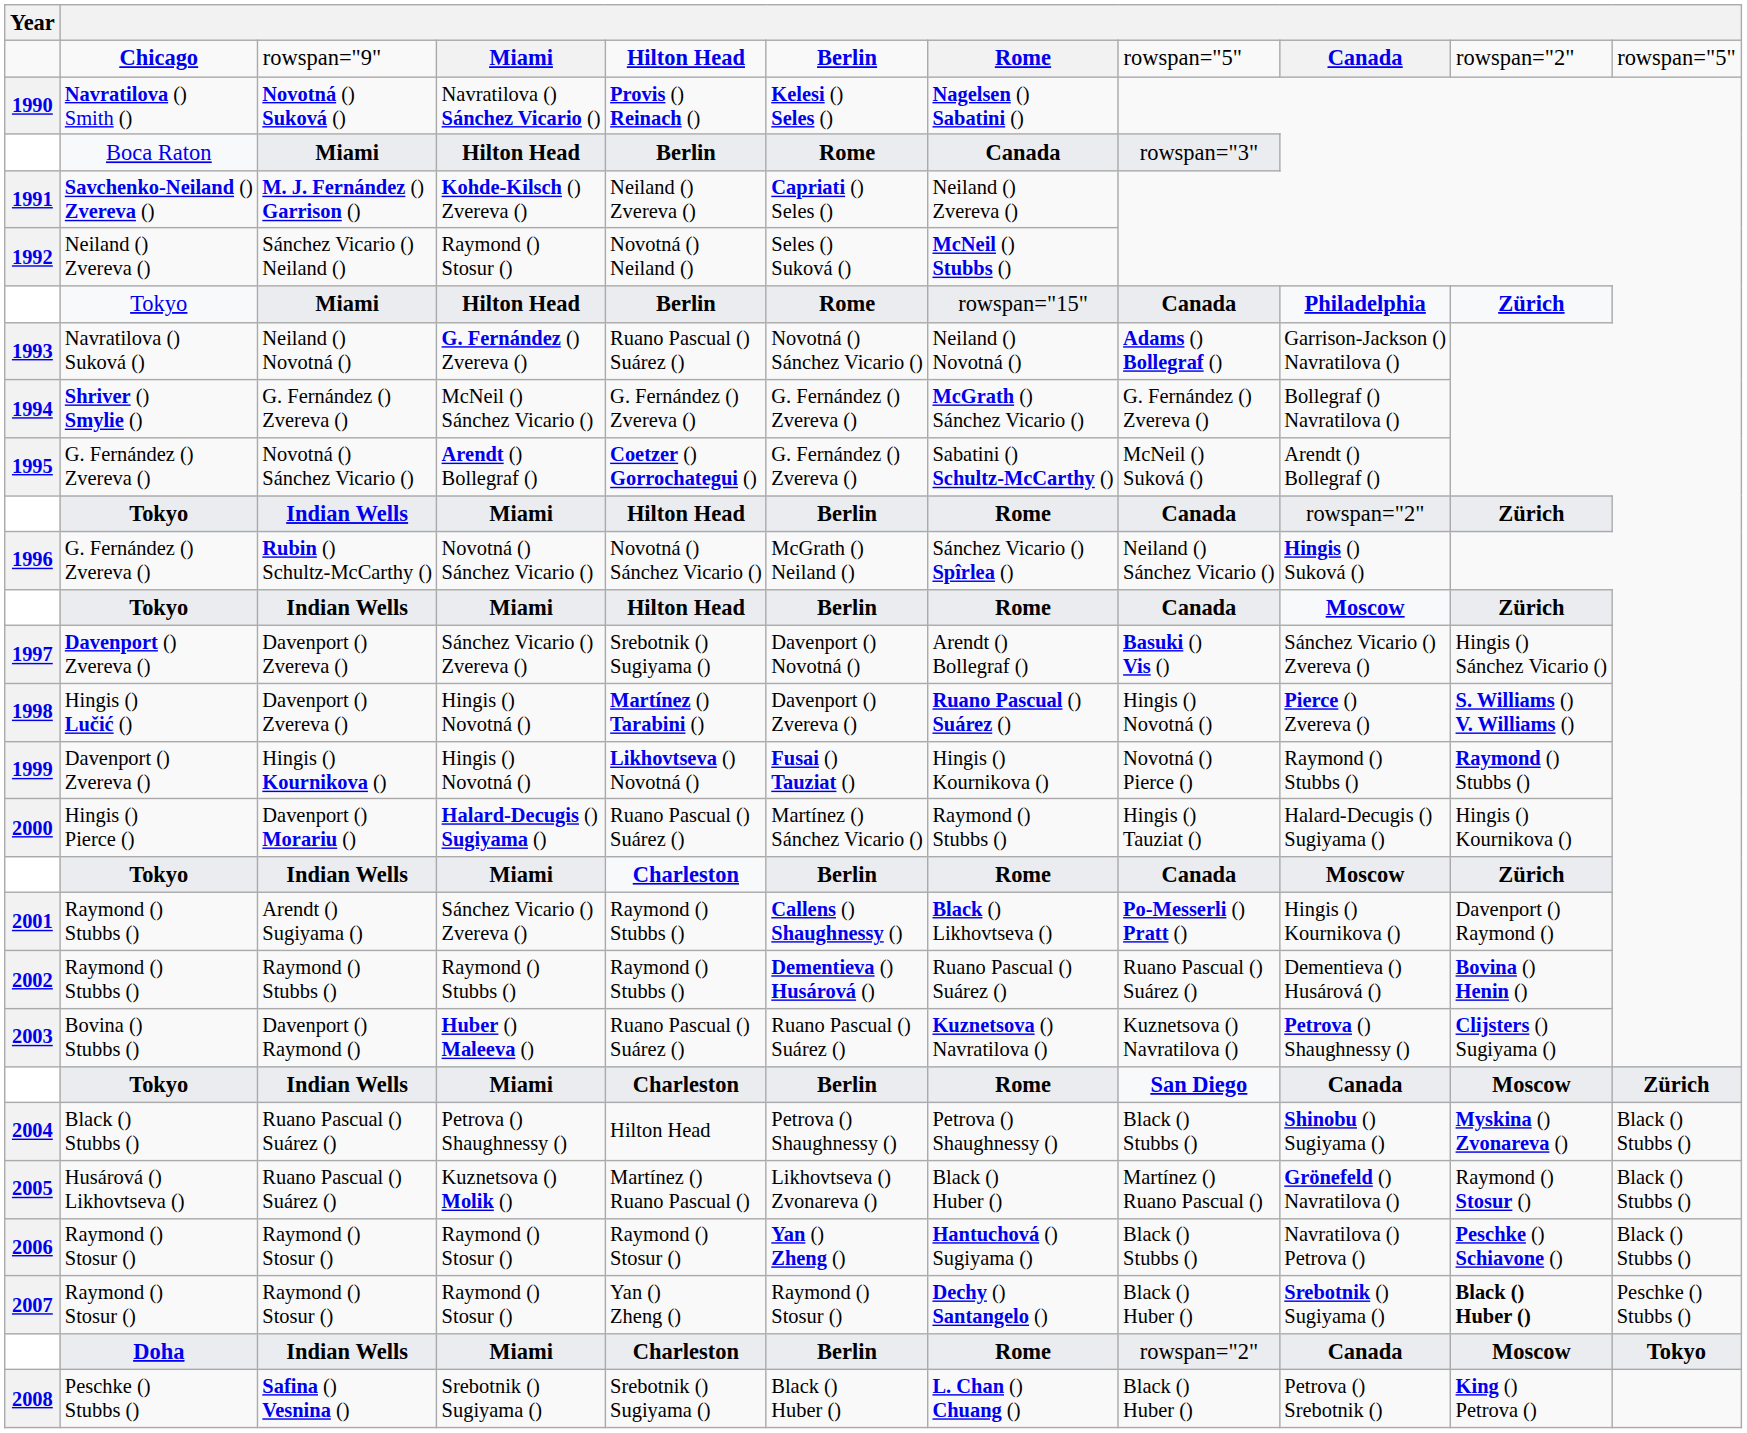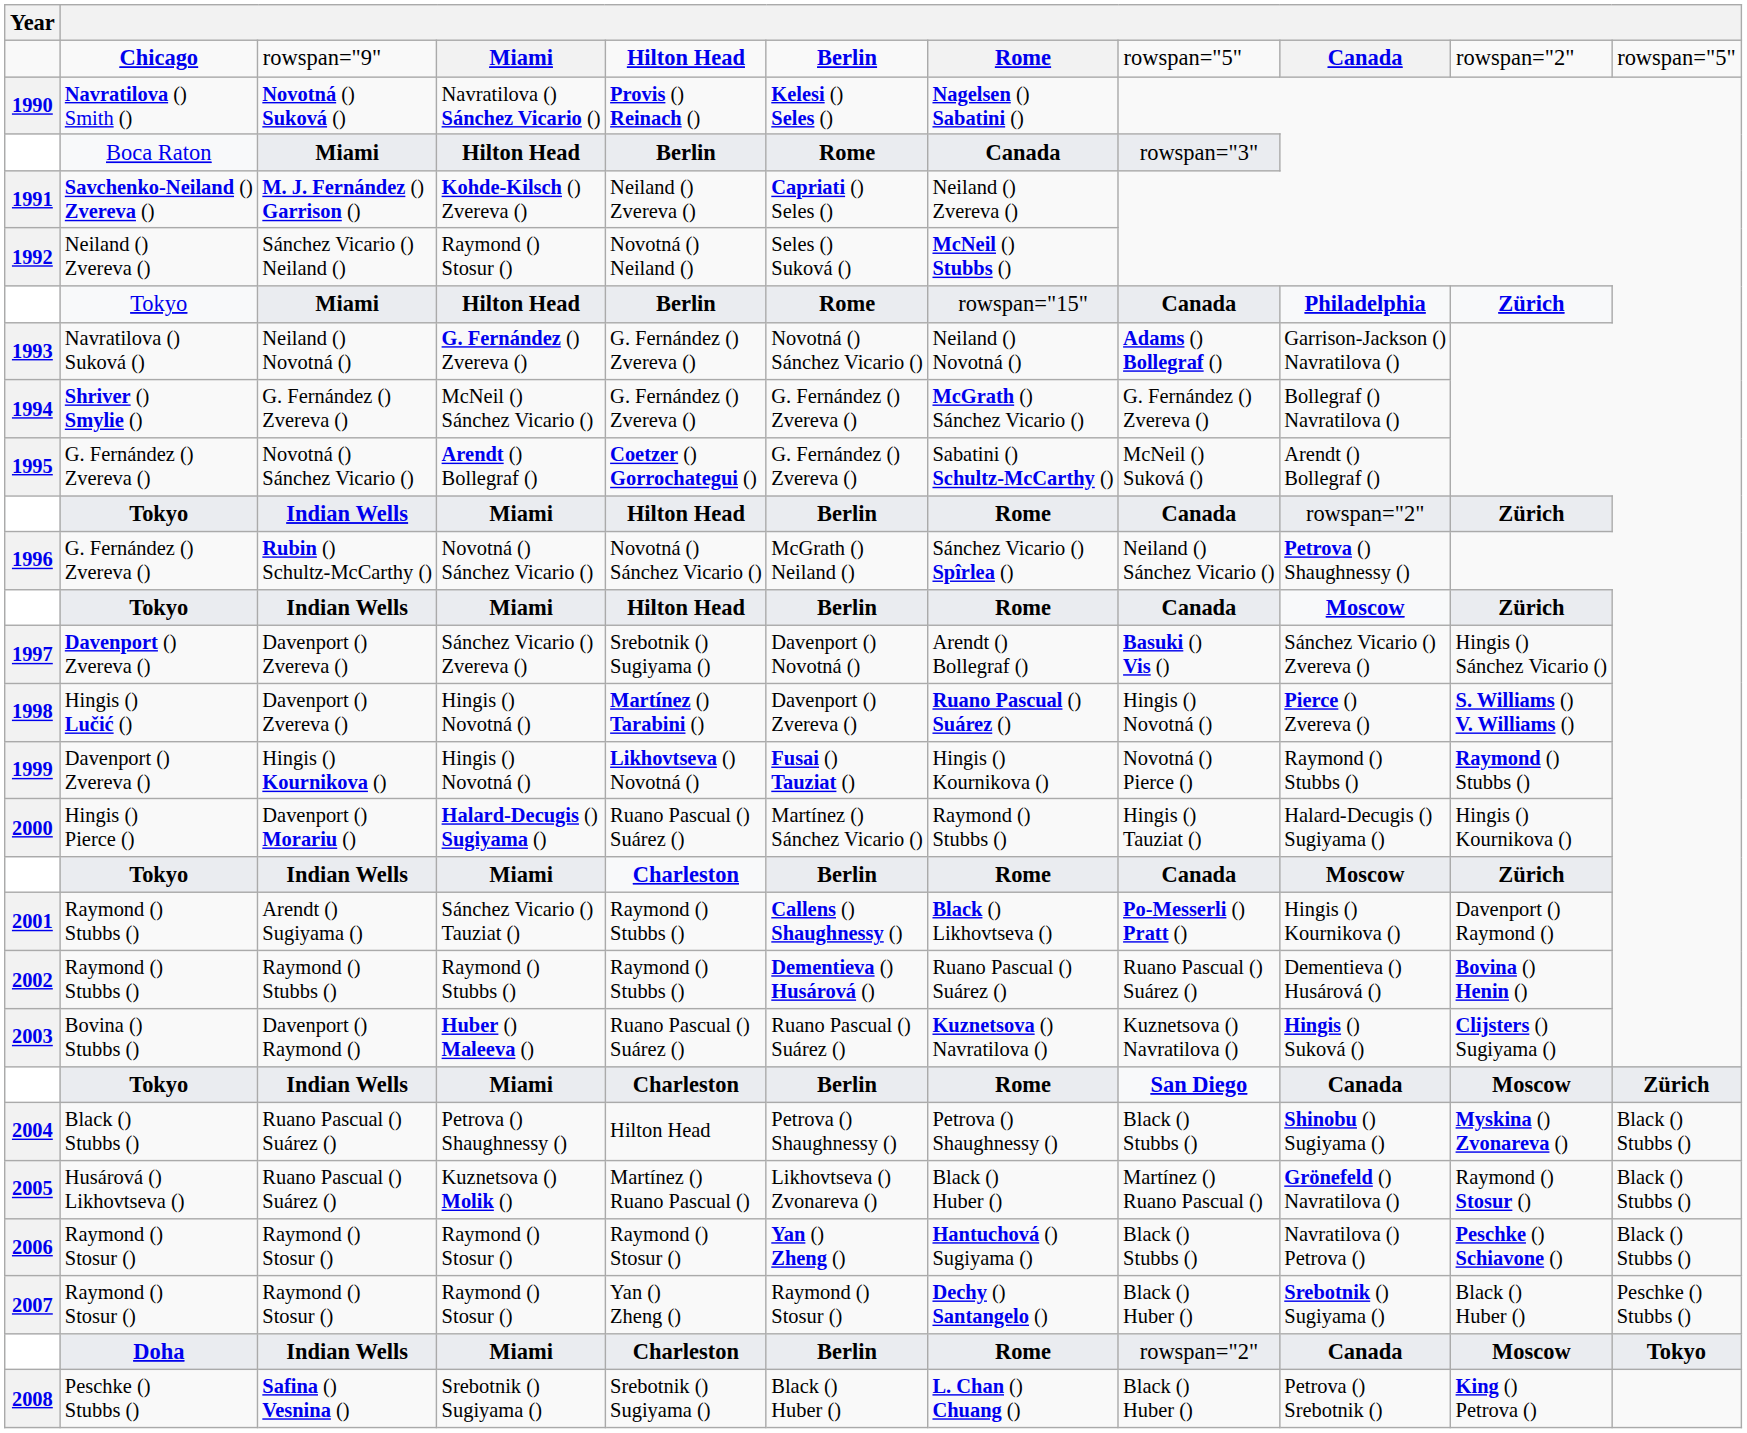 <table class="wikitable nowrap sticky-table-row1 sticky-table-col1" style="font-size:90%">
 <tr style="font-size:110%;">
 <th scope="col">Year</th>
 <th scope="colgroup" colspan=10></th>
 </tr>
 <tr style="font-size:110%">
 <td></td>
 <th scope="col" style="background:transparent"><a href='#'><u>Chicago</u></a></th>
 <td>rowspan="9" </td>
 <th scope="col"><a href='#'><u>Miami</u></a></th>
 <th scope="col" style="background:transparent"><a href='#'><u>Hilton Head</u></a></th>
 <th scope="col" style="background:transparent"><a href='#'><u>Berlin</u></a></th>
 <th scope="col"><a href='#'><u>Rome</u></a></th>
 <td>rowspan="5" </td>
 <th scope="col"><a href='#'><u>Canada</u></a></th>
 <td>rowspan="2" </td>
 <td>rowspan="5" </td>
 </tr>
 <tr>
 <th scope="row"><a href='#'>1990</a><br></th>
 <td> <a href='#'><strong>Navratilova</strong></a> () <br>  <a href='#'>Smith</a> ()</td>
 <td> <a href='#'><strong>Novotná</strong></a> () <br>  <a href='#'><strong>Suková</strong></a> ()</td>
 <td> Navratilova () <br>  <a href='#'><strong>Sánchez Vicario</strong></a> ()</td>
 <td> <a href='#'><strong>Provis</strong></a> () <br>  <a href='#'><strong>Reinach</strong></a> ()</td>
 <td> <a href='#'><strong>Kelesi</strong></a> () <br>  <a href='#'><strong>Seles</strong></a> ()</td>
 <td> <a href='#'><strong>Nagelsen</strong></a> () <br>  <a href='#'><strong>Sabatini</strong></a> ()</td>
 </tr>
 <tr style="background:#EAECF0; font-size:110%; text-align:center">
 <td style="background:#fff"></td>
 <td style="background:#F8F9FA"><a href='#'><u>Boca Raton</u></a></td>
 <td><strong>Miami</strong></td>
 <td><strong>Hilton Head</strong></td>
 <td><strong>Berlin</strong></td>
 <td><strong>Rome</strong></td>
 <td><strong>Canada</strong></td>
 <td>rowspan="3" </td>
 </tr>
 <tr>
 <th scope="row"><a href='#'>1991</a><br></th>
 <td> <a href='#'><strong>Savchenko-Neiland</strong></a> () <br>  <a href='#'><strong>Zvereva</strong></a> ()</td>
 <td> <a href='#'><strong>M. J. Fernández</strong></a> () <br>  <a href='#'><strong>Garrison</strong></a> ()</td>
 <td> <a href='#'><strong>Kohde-Kilsch</strong></a> () <br>  Zvereva ()</td>
 <td> Neiland () <br>  Zvereva ()</td>
 <td> <a href='#'><strong>Capriati</strong></a> () <br>  Seles ()</td>
 <td> Neiland () <br>  Zvereva ()</td>
 </tr>
 <tr>
 <th scope="row"><a href='#'>1992</a><br></th>
 <td> Neiland () <br>  Zvereva ()</td>
 <td> Sánchez Vicario () <br>  Neiland ()</td>
 <td> Raymond () <br>  Stosur ()</td>
 <td> Novotná () <br>  Neiland ()</td>
 <td> Seles () <br>  Suková ()</td>
 <td> <a href='#'><strong>McNeil</strong></a> () <br>  <a href='#'><strong>Stubbs</strong></a> ()</td>
 </tr>
 <tr style="background:#EAECF0; font-size:110%; text-align:center">
 <td style="background:#fff"></td>
 <td style="background:#F8F9FA"><a href='#'><u>Tokyo</u></a></td>
 <td><strong>Miami</strong></td>
 <td><strong>Hilton Head</strong></td>
 <td><strong>Berlin</strong></td>
 <td><strong>Rome</strong></td>
 <td>rowspan="15" </td>
 <td><strong>Canada</strong></td>
 <td style="background:#F8F9FA"><strong><a href='#'><u>Philadelphia</u></a></strong></td>
 <td style="background:#F8F9FA"><strong><a href='#'><u>Zürich</u></a></strong></td>
 </tr>
 <tr>
 <th scope="row"><a href='#'>1993</a><br></th>
 <td> Navratilova () <br>  Suková ()</td>
 <td> Neiland () <br>  Novotná ()</td>
 <td> <a href='#'><strong>G. Fernández</strong></a> () <br>  Zvereva ()</td>
-<td> Ruano Pascual () <br>  Suárez ()</td>
+<td> G. Fernández () <br>  Zvereva ()</td>
 <td> Novotná () <br>  Sánchez Vicario ()</td>
 <td> Neiland () <br>  Novotná ()</td>
 <td> <a href='#'><strong>Adams</strong></a> () <br>  <a href='#'><strong>Bollegraf</strong></a> ()</td>
 <td> Garrison-Jackson () <br>  Navratilova ()</td>
 </tr>
 <tr>
 <th scope="row"><a href='#'>1994</a><br></th>
 <td> <a href='#'><strong>Shriver</strong></a> () <br>  <a href='#'><strong>Smylie</strong></a> ()</td>
 <td> G. Fernández () <br>  Zvereva ()</td>
 <td> McNeil () <br>  Sánchez Vicario ()</td>
 <td> G. Fernández () <br>  Zvereva ()</td>
 <td> G. Fernández () <br>  Zvereva ()</td>
 <td> <a href='#'><strong>McGrath</strong></a> () <br>  Sánchez Vicario ()</td>
 <td> G. Fernández () <br>  Zvereva ()</td>
 <td> Bollegraf () <br>  Navratilova ()</td>
 </tr>
 <tr>
 <th scope="row"><a href='#'>1995</a><br></th>
 <td> G. Fernández () <br>  Zvereva ()</td>
 <td> Novotná () <br>  Sánchez Vicario ()</td>
 <td> <a href='#'><strong>Arendt</strong></a> () <br>  Bollegraf ()</td>
 <td> <a href='#'><strong>Coetzer</strong></a> () <br>  <a href='#'><strong>Gorrochategui</strong></a> ()</td>
 <td> G. Fernández () <br>  Zvereva ()</td>
 <td> Sabatini () <br>  <a href='#'><strong>Schultz-McCarthy</strong></a> ()</td>
 <td> McNeil () <br>  Suková ()</td>
 <td> Arendt () <br>  Bollegraf ()</td>
 </tr>
 <tr style="background:#EAECF0; font-size:110%; text-align:center">
 <td style="background:#fff"></td>
 <td><strong>Tokyo</strong></td>
 <td><strong><a href='#'><u>Indian Wells</u></a></strong></td>
 <td><strong>Miami</strong></td>
 <td><strong>Hilton Head</strong></td>
 <td><strong>Berlin</strong></td>
 <td><strong>Rome</strong></td>
 <td><strong>Canada</strong></td>
 <td>rowspan="2" </td>
 <td><strong>Zürich</strong></td>
 </tr>
 <tr>
 <th scope="row"><a href='#'>1996</a><br></th>
 <td> G. Fernández () <br>  Zvereva ()</td>
 <td> <a href='#'><strong>Rubin</strong></a> () <br>  Schultz-McCarthy ()</td>
 <td> Novotná () <br>  Sánchez Vicario ()</td>
 <td> Novotná () <br>  Sánchez Vicario ()</td>
 <td> McGrath () <br>  Neiland ()</td>
 <td> Sánchez Vicario () <br>  <a href='#'><strong>Spîrlea</strong></a> ()</td>
 <td> Neiland () <br>  Sánchez Vicario ()</td>
-<td> <a href='#'><strong>Hingis</strong></a> () <br>  Suková ()</td>
+<td> <a href='#'><strong>Petrova</strong></a> () <br>  Shaughnessy ()</td>
 </tr>
 <tr style="background:#EAECF0; font-weight:bold; font-size:110%; text-align:center">
 <td style="background:#fff"></td>
 <td>Tokyo</td>
 <td>Indian Wells</td>
 <td>Miami</td>
 <td>Hilton Head</td>
 <td>Berlin</td>
 <td>Rome</td>
 <td>Canada</td>
 <td style="background:#F8F9FA"><a href='#'><u>Moscow</u></a></td>
 <td>Zürich</td>
 </tr>
 <tr>
 <th scope="row"><a href='#'>1997</a><br></th>
 <td> <a href='#'><strong>Davenport</strong></a> () <br>  Zvereva ()</td>
 <td> Davenport () <br>  Zvereva ()</td>
 <td> Sánchez Vicario () <br>  Zvereva ()</td>
 <td> Srebotnik () <br>  Sugiyama ()</td>
 <td> Davenport () <br>  Novotná ()</td>
 <td> Arendt () <br>  Bollegraf ()</td>
 <td> <a href='#'><strong>Basuki</strong></a> () <br>  <a href='#'><strong>Vis</strong></a> ()</td>
 <td> Sánchez Vicario () <br>  Zvereva ()</td>
 <td> Hingis () <br>  Sánchez Vicario ()</td>
 </tr>
 <tr>
 <th scope="row"><a href='#'>1998</a><br></th>
 <td> Hingis () <br>  <a href='#'><strong>Lučić</strong></a> ()</td>
 <td> Davenport () <br>  Zvereva ()</td>
 <td> Hingis () <br>  Novotná ()</td>
 <td> <a href='#'><strong>Martínez</strong></a> () <br>  <a href='#'><strong>Tarabini</strong></a> ()</td>
 <td> Davenport () <br>  Zvereva ()</td>
 <td> <a href='#'><strong>Ruano Pascual</strong></a> () <br>  <a href='#'><strong>Suárez</strong></a> ()</td>
 <td> Hingis () <br>  Novotná ()</td>
 <td> <a href='#'><strong>Pierce</strong></a> () <br>  Zvereva ()</td>
 <td> <a href='#'><strong>S. Williams</strong></a> () <br>  <a href='#'><strong>V. Williams</strong></a> ()</td>
 </tr>
 <tr>
 <th scope="row"><a href='#'>1999</a><br></th>
 <td> Davenport () <br>  Zvereva ()</td>
 <td> Hingis () <br>  <a href='#'><strong>Kournikova</strong></a> ()</td>
 <td> Hingis () <br>  Novotná ()</td>
 <td> <a href='#'><strong>Likhovtseva</strong></a> () <br>  Novotná ()</td>
 <td> <a href='#'><strong>Fusai</strong></a> () <br>  <a href='#'><strong>Tauziat</strong></a> ()</td>
 <td> Hingis () <br>  Kournikova ()</td>
 <td> Novotná () <br>  Pierce ()</td>
 <td> Raymond () <br>  Stubbs ()</td>
 <td> <a href='#'><strong>Raymond</strong></a> () <br>  Stubbs ()</td>
 </tr>
 <tr>
 <th scope="row"><a href='#'>2000</a><br></th>
 <td> Hingis () <br>  Pierce ()</td>
 <td> Davenport () <br>  <a href='#'><strong>Morariu</strong></a> ()</td>
 <td> <a href='#'><strong>Halard-Decugis</strong></a> () <br>  <a href='#'><strong>Sugiyama</strong></a> ()</td>
 <td> Ruano Pascual () <br>  Suárez ()</td>
 <td> Martínez () <br>  Sánchez Vicario ()</td>
 <td> Raymond () <br>  Stubbs ()</td>
 <td> Hingis () <br>  Tauziat ()</td>
 <td> Halard-Decugis () <br>  Sugiyama ()</td>
 <td> Hingis () <br>  Kournikova ()</td>
 </tr>
 <tr style="background:#EAECF0; font-weight:bold; font-size:110%; text-align:center">
 <td style="background:#fff"></td>
 <td>Tokyo</td>
 <td>Indian Wells</td>
 <td>Miami</td>
 <td style="background:#F8F9FA"><a href='#'><u>Charleston</u></a></td>
 <td>Berlin</td>
 <td>Rome</td>
 <td>Canada</td>
 <td>Moscow</td>
 <td>Zürich</td>
 </tr>
 <tr>
 <th scope="row"><a href='#'>2001</a><br></th>
 <td> Raymond () <br>  Stubbs ()</td>
 <td> Arendt () <br>  Sugiyama ()</td>
-<td> Sánchez Vicario () <br>  Zvereva ()</td>
+<td> Sánchez Vicario () <br>  Tauziat ()</td>
 <td> Raymond () <br>  Stubbs ()</td>
 <td> <a href='#'><strong>Callens</strong></a> () <br>  <a href='#'><strong>Shaughnessy</strong></a> ()</td>
 <td> <a href='#'><strong>Black</strong></a> () <br>  Likhovtseva ()</td>
 <td> <a href='#'><strong>Po-Messerli</strong></a> () <br>  <a href='#'><strong>Pratt</strong></a> ()</td>
 <td> Hingis () <br>  Kournikova ()</td>
 <td> Davenport () <br>  Raymond ()</td>
 </tr>
 <tr>
 <th scope="row"><a href='#'>2002</a><br></th>
 <td> Raymond () <br>  Stubbs ()</td>
 <td> Raymond () <br>  Stubbs ()</td>
 <td> Raymond () <br>  Stubbs ()</td>
 <td> Raymond () <br>  Stubbs ()</td>
 <td> <a href='#'><strong>Dementieva</strong></a> () <br>  <a href='#'><strong>Husárová</strong></a> ()</td>
 <td> Ruano Pascual () <br>  Suárez ()</td>
 <td> Ruano Pascual () <br>  Suárez ()</td>
 <td> Dementieva () <br>  Husárová ()</td>
 <td> <a href='#'><strong>Bovina</strong></a> () <br>  <a href='#'><strong>Henin</strong></a> ()</td>
 </tr>
 <tr>
 <th scope="row"><a href='#'>2003</a><br></th>
 <td> Bovina () <br>  Stubbs ()</td>
 <td> Davenport () <br>  Raymond ()</td>
 <td> <a href='#'><strong>Huber</strong></a> () <br>  <a href='#'><strong>Maleeva</strong></a> ()</td>
 <td> Ruano Pascual () <br>  Suárez ()</td>
 <td> Ruano Pascual () <br>  Suárez ()</td>
 <td> <a href='#'><strong>Kuznetsova</strong></a> () <br>  Navratilova ()</td>
 <td> Kuznetsova () <br>  Navratilova ()</td>
-<td> <a href='#'><strong>Petrova</strong></a> () <br>  Shaughnessy ()</td>
+<td> <a href='#'><strong>Hingis</strong></a> () <br>  Suková ()</td>
 <td> <a href='#'><strong>Clijsters</strong></a> () <br>  Sugiyama ()</td>
 </tr>
 <tr style="background:#EAECF0; font-weight:bold; font-size:110%; text-align:center">
 <td style="background:#fff"></td>
 <td>Tokyo</td>
 <td>Indian Wells</td>
 <td>Miami</td>
 <td>Charleston</td>
 <td>Berlin</td>
 <td>Rome</td>
 <td style="background:#F8F9FA"><a href='#'><u>San Diego</u></a></td>
 <td>Canada</td>
 <td>Moscow</td>
 <td>Zürich</td>
 </tr>
 <tr>
 <th scope="row"><a href='#'>2004</a><br></th>
 <td> Black () <br>  Stubbs ()</td>
 <td> Ruano Pascual () <br>  Suárez ()</td>
 <td> Petrova () <br>  Shaughnessy ()</td>
 <td>Hilton Head</td>
 <td> Petrova () <br>  Shaughnessy ()</td>
 <td> Petrova () <br>  Shaughnessy ()</td>
 <td> Black () <br>  Stubbs ()</td>
 <td> <a href='#'><strong>Shinobu</strong></a> () <br>  Sugiyama ()</td>
 <td> <a href='#'><strong>Myskina</strong></a> () <br>  <a href='#'><strong>Zvonareva</strong></a> ()</td>
 <td> Black () <br>  Stubbs ()</td>
 </tr>
 <tr>
 <th scope="row"><a href='#'>2005</a><br></th>
 <td> Husárová () <br>  Likhovtseva ()</td>
 <td> Ruano Pascual () <br>  Suárez ()</td>
 <td> Kuznetsova () <br>  <a href='#'><strong>Molik</strong></a> ()</td>
 <td> Martínez () <br>  Ruano Pascual ()</td>
 <td> Likhovtseva () <br>  Zvonareva ()</td>
 <td> Black () <br>  Huber ()</td>
 <td> Martínez () <br>  Ruano Pascual ()</td>
 <td> <a href='#'><strong>Grönefeld</strong></a> () <br>  Navratilova ()</td>
 <td> Raymond () <br>  <a href='#'><strong>Stosur</strong></a> ()</td>
 <td> Black () <br>  Stubbs ()</td>
 </tr>
 <tr>
 <th scope="row"><a href='#'>2006</a><br></th>
 <td> Raymond () <br>  Stosur ()</td>
 <td> Raymond () <br>  Stosur ()</td>
 <td> Raymond () <br>  Stosur ()</td>
 <td> Raymond () <br>  Stosur ()</td>
 <td> <a href='#'><strong>Yan</strong></a> () <br>  <a href='#'><strong>Zheng</strong></a> ()</td>
 <td> <a href='#'><strong>Hantuchová</strong></a> () <br>  Sugiyama ()</td>
 <td> Black () <br>  Stubbs ()</td>
 <td> Navratilova () <br>  Petrova ()</td>
 <td> <a href='#'><strong>Peschke</strong></a> () <br>  <a href='#'><strong>Schiavone</strong></a> ()</td>
 <td> Black () <br>  Stubbs ()</td>
 </tr>
 <tr>
 <th scope="row"><a href='#'>2007</a><br></th>
 <td> Raymond () <br>  Stosur ()</td>
 <td> Raymond () <br>  Stosur ()</td>
 <td> Raymond () <br>  Stosur ()</td>
 <td> Yan () <br>  Zheng ()</td>
 <td> Raymond () <br>  Stosur ()</td>
 <td> <a href='#'><strong>Dechy</strong></a> () <br>  <a href='#'><strong>Santangelo</strong></a> ()</td>
 <td> Black () <br>  Huber ()</td>
 <td> <a href='#'><strong>Srebotnik</strong></a> () <br>  Sugiyama ()</td>
-<td><strong> Black () <br>  Huber ()</strong></td>
+<td> Black () <br>  Huber ()</td>
 <td> Peschke () <br>  Stubbs ()</td>
 </tr>
 <tr style="background:#EAECF0; font-size:110%; text-align:center">
 <td style="background:#fff"></td>
 <td><strong><a href='#'><u>Doha</u></a></strong></td>
 <td><strong>Indian Wells</strong></td>
 <td><strong>Miami</strong></td>
 <td><strong>Charleston</strong></td>
 <td><strong>Berlin</strong></td>
 <td><strong>Rome</strong></td>
 <td>rowspan="2" </td>
 <td><strong>Canada</strong></td>
 <td><strong>Moscow</strong></td>
 <td><strong>Tokyo</strong></td>
 </tr>
 <tr>
 <th scope="row"><a href='#'>2008</a><br></th>
 <td> Peschke () <br>  Stubbs ()</td>
 <td> <a href='#'><strong>Safina</strong></a> () <br>  <a href='#'><strong>Vesnina</strong></a> ()</td>
 <td> Srebotnik () <br>  Sugiyama ()</td>
 <td> Srebotnik () <br>  Sugiyama ()</td>
 <td> Black () <br>  Huber ()</td>
 <td> <a href='#'><strong>L. Chan</strong></a> () <br>  <a href='#'><strong>Chuang</strong></a> ()</td>
 <td> Black () <br>  Huber ()</td>
 <td> Petrova () <br>  Srebotnik ()</td>
 <td> <a href='#'><strong>King</strong></a> () <br>  Petrova ()</td>
 </tr>
 </table>
